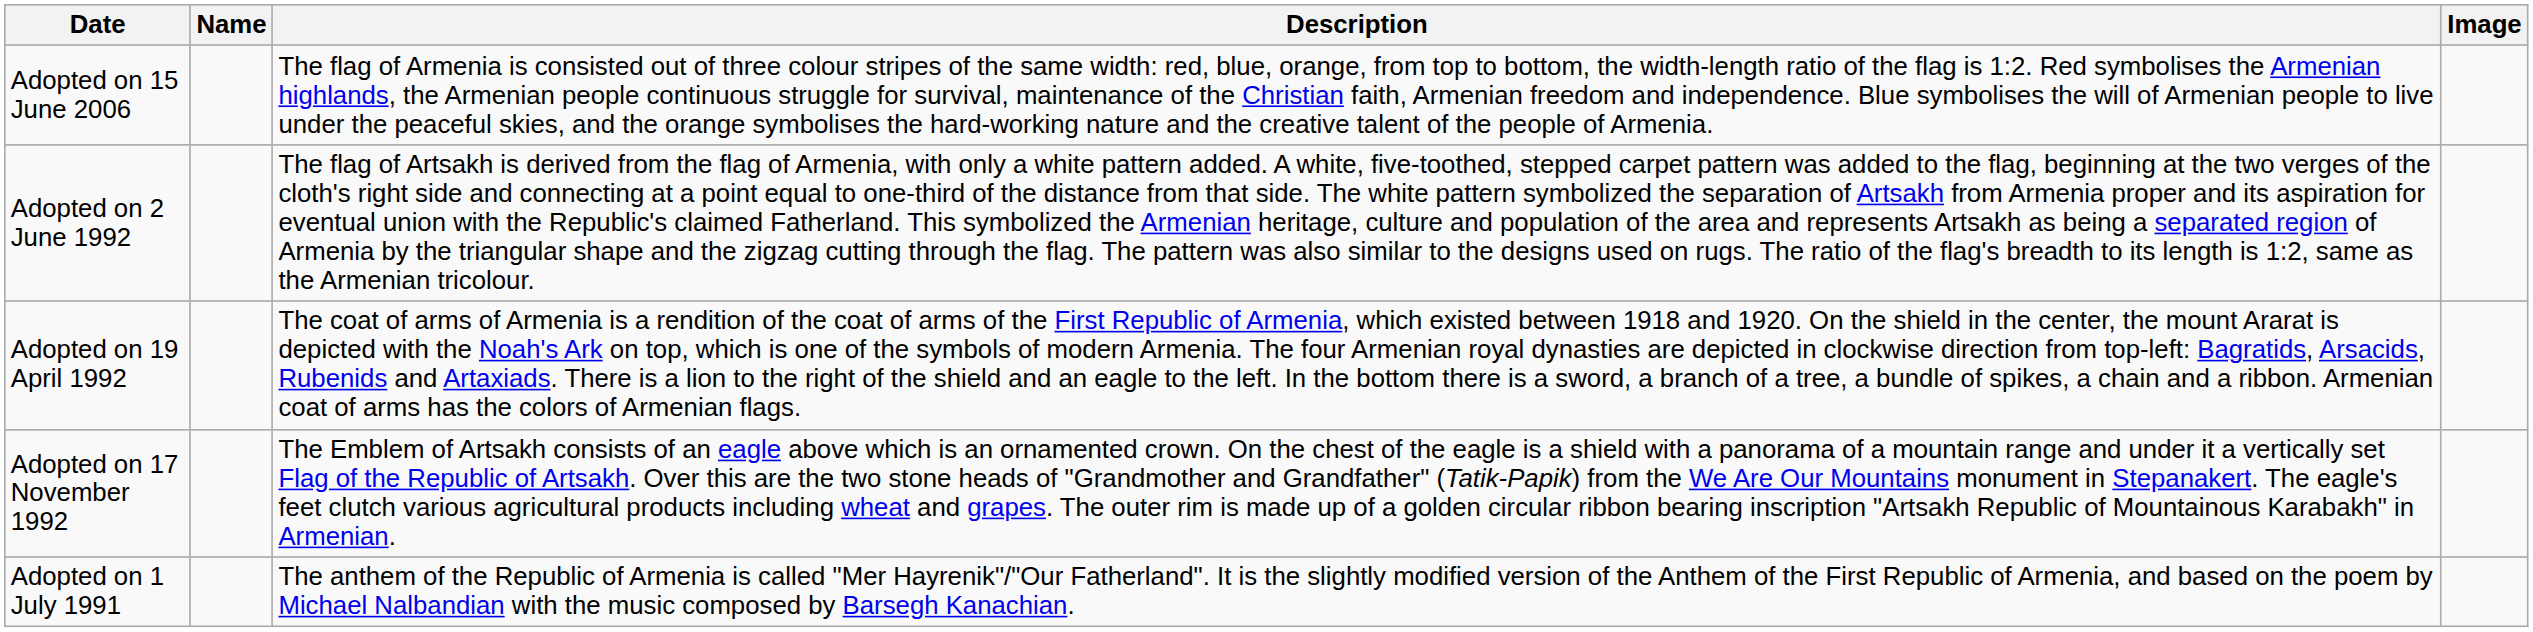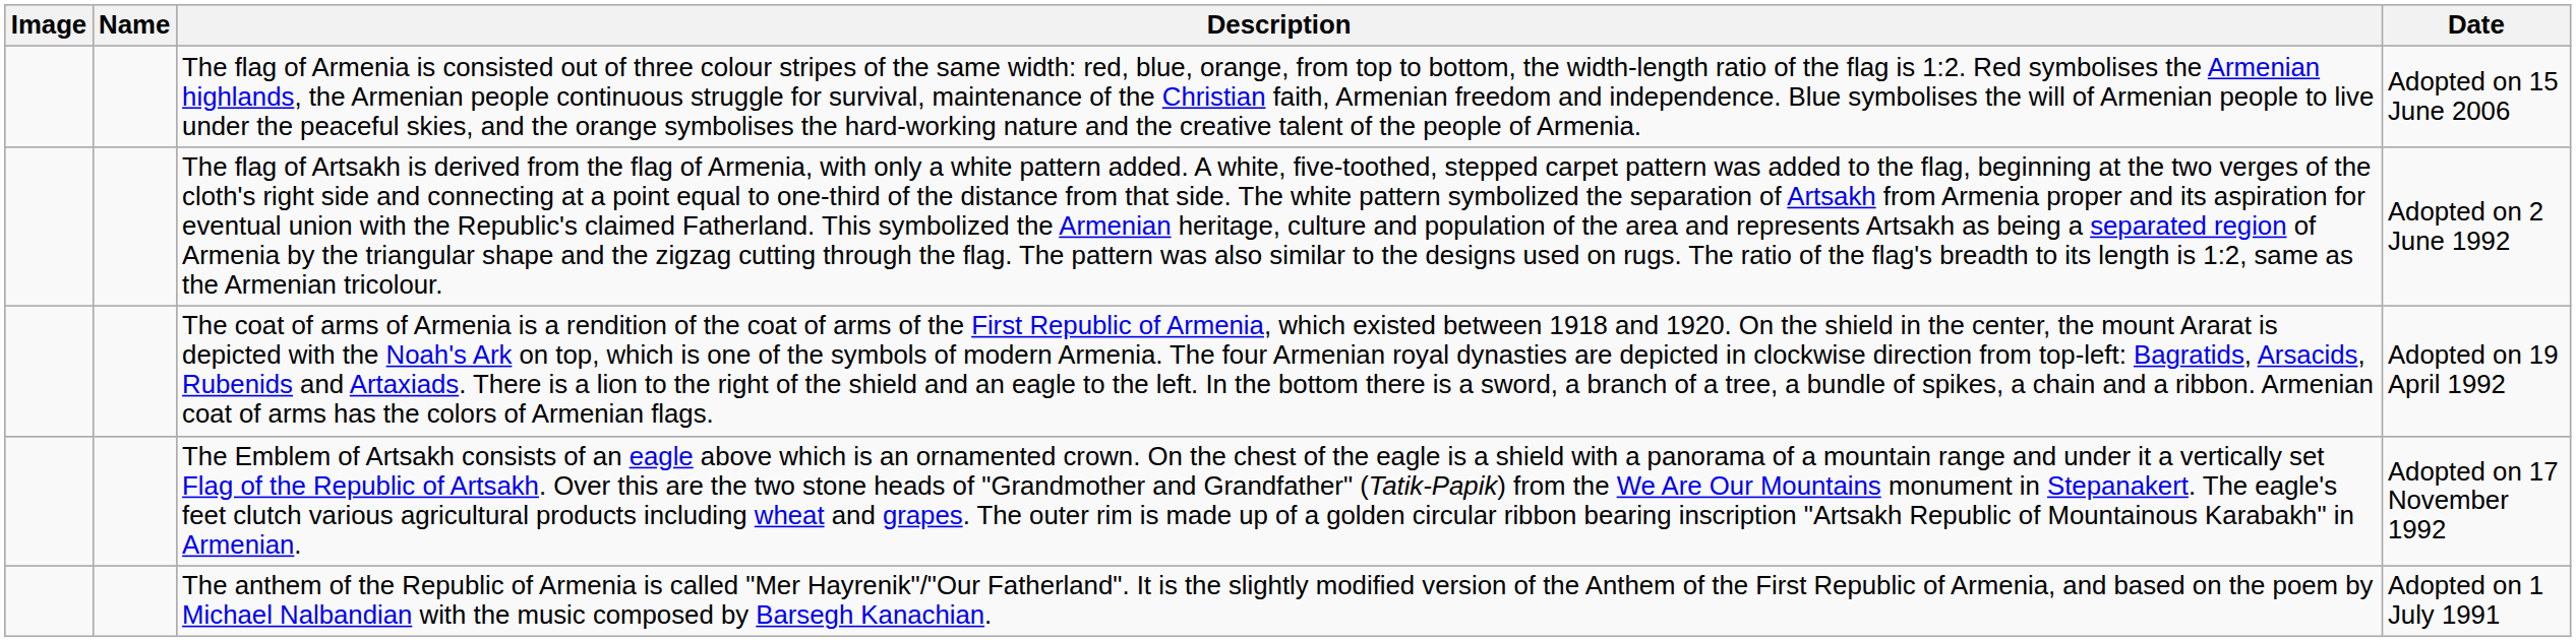 <table class="wikitable">
 <tr>
-<th>Date</th>
+<th>Image</th>
 <th>Name</th>
 <th>Description</th>
-<th>Image</th>
+<th>Date</th>
 </tr>
 <tr>
-<td>Adopted on 15 June 2006</td>
+<td></td>
 <td></td>
 <td>The flag of Armenia is consisted out of three colour stripes of the same width: red, blue, orange, from top to bottom, the width-length ratio of the flag is 1:2. Red symbolises the <a href='#'>Armenian highlands</a>, the Armenian people continuous struggle for survival, maintenance of the <a href='#'>Christian</a> faith, Armenian freedom and independence. Blue symbolises the will of Armenian people to live under the peaceful skies, and the orange symbolises the hard-working nature and the creative talent of the people of Armenia.</td>
-<td></td>
+<td>Adopted on 15 June 2006</td>
 </tr>
 <tr>
-<td>Adopted on 2 June 1992</td>
+<td></td>
 <td></td>
 <td>The flag of Artsakh is derived from the flag of Armenia, with only a white pattern added. A white, five-toothed, stepped carpet pattern was added to the flag, beginning at the two verges of the cloth's right side and connecting at a point equal to one-third of the distance from that side. The white pattern symbolized the separation of <a href='#'>Artsakh</a> from Armenia proper and its aspiration for eventual union with the Republic's claimed Fatherland. This symbolized the <a href='#'>Armenian</a> heritage, culture and population of the area and represents Artsakh as being a <a href='#'>separated region</a> of Armenia by the triangular shape and the zigzag cutting through the flag. The pattern was also similar to the designs used on rugs. The ratio of the flag's breadth to its length is 1:2, same as the Armenian tricolour.</td>
-<td></td>
+<td>Adopted on 2 June 1992</td>
 </tr>
 <tr>
-<td>Adopted on 19 April 1992</td>
+<td></td>
 <td></td>
 <td>The coat of arms of Armenia is a rendition of the coat of arms of the <a href='#'>First Republic of Armenia</a>, which existed between 1918 and 1920. On the shield in the center, the mount Ararat is depicted with the <a href='#'>Noah's Ark</a> on top, which is one of the symbols of modern Armenia. The four Armenian royal dynasties are depicted in clockwise direction from top-left: <a href='#'>Bagratids</a>, <a href='#'>Arsacids</a>, <a href='#'>Rubenids</a> and <a href='#'>Artaxiads</a>. There is a lion to the right of the shield and an eagle to the left. In the bottom there is a sword, a branch of a tree, a bundle of spikes, a chain and a ribbon. Armenian coat of arms has the colors of Armenian flags.</td>
-<td></td>
+<td>Adopted on 19 April 1992</td>
 </tr>
 <tr>
-<td>Adopted on 17 November 1992</td>
+<td></td>
 <td></td>
 <td>The Emblem of Artsakh consists of an <a href='#'>eagle</a> above which is an ornamented crown. On the chest of the eagle is a shield with a panorama of a mountain range and under it a vertically set <a href='#'>Flag of the Republic of Artsakh</a>. Over this are the two stone heads of "Grandmother and Grandfather" (<em>Tatik-Papik</em>) from the <a href='#'>We Are Our Mountains</a> monument in <a href='#'>Stepanakert</a>. The eagle's feet clutch various agricultural products including <a href='#'>wheat</a> and <a href='#'>grapes</a>. The outer rim is made up of a golden circular ribbon bearing inscription "Artsakh Republic of Mountainous Karabakh" in <a href='#'>Armenian</a>.</td>
-<td></td>
+<td>Adopted on 17 November 1992</td>
 </tr>
 <tr>
-<td>Adopted on 1 July 1991</td>
+<td></td>
 <td></td>
 <td>The anthem of the Republic of Armenia is called "Mer Hayrenik"/"Our Fatherland". It is the slightly modified version of the Anthem of the First Republic of Armenia, and based on the poem by <a href='#'>Michael Nalbandian</a> with the music composed by <a href='#'>Barsegh Kanachian</a>.</td>
-<td></td>
+<td>Adopted on 1 July 1991</td>
 </tr>
 </table>
